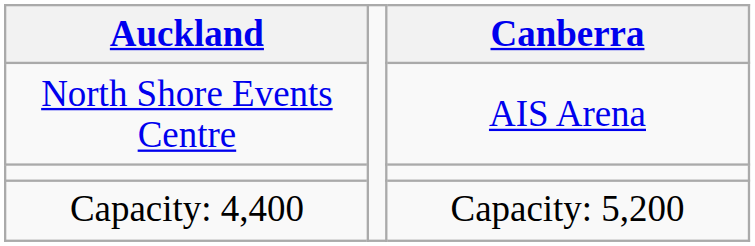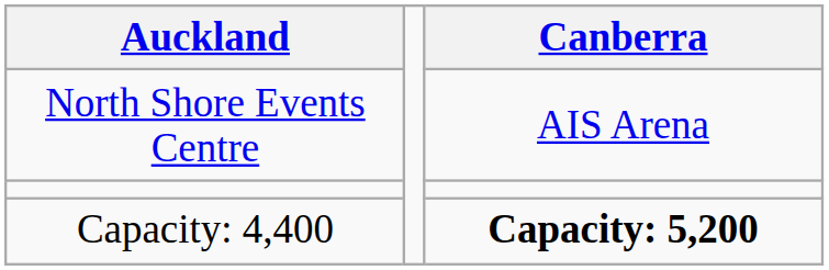 <table class=wikitable align="center" style="text-align:center;">
 <tr>
 <th width=150px><a href='#'>Auckland</a></th>
 <td rowspan=4></td>
 <th width=150px><a href='#'>Canberra</a></th>
 </tr>
 <tr>
 <td><a href='#'>North Shore Events Centre</a></td>
 <td><a href='#'>AIS Arena</a></td>
 </tr>
 <tr>
 <td></td>
 <td></td>
 </tr>
 <tr>
 <td>Capacity: 4,400</td>
-<td>Capacity: 5,200</td>
+<td><strong>Capacity: 5,200</strong></td>
 </tr>
 </table>
